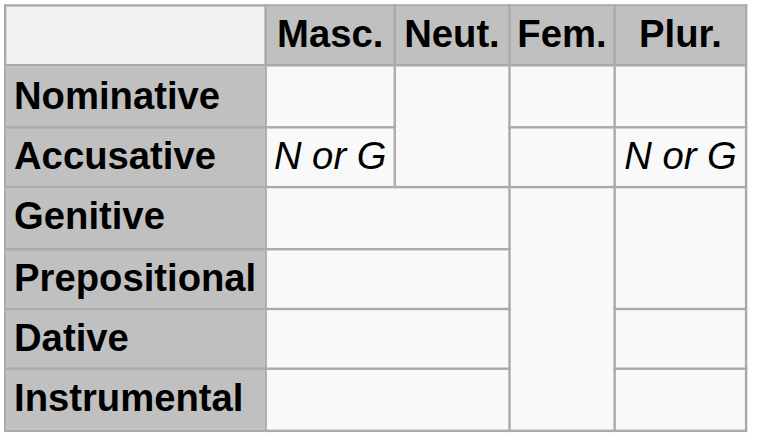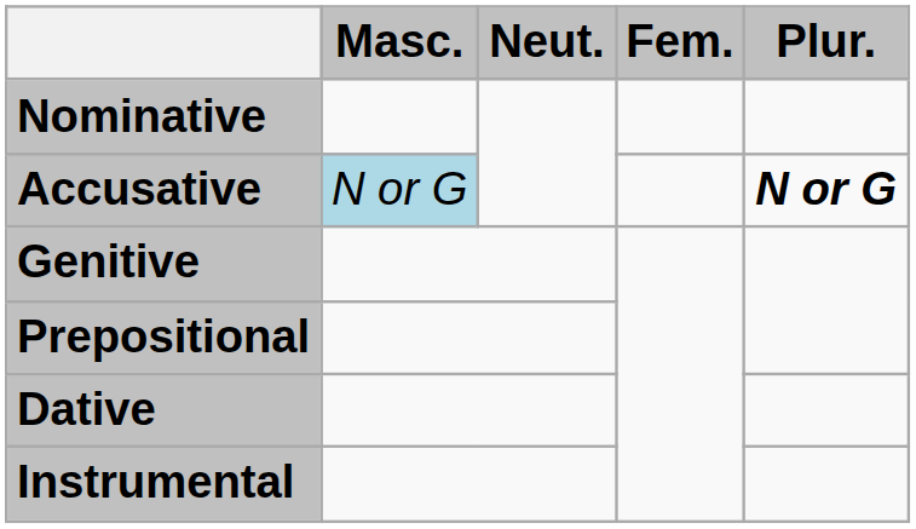 <table class="wikitable" style="display: inline-table;">
 <tr>
 <th></th>
 <th style="background:#C0C0C0">Masc.</th>
 <th style="background:#C0C0C0">Neut.</th>
 <th style="background:#C0C0C0">Fem.</th>
 <th style="background:#C0C0C0">Plur.</th>
 </tr>
 <tr>
 <td style="background:#C0C0C0"><strong>Nominative</strong></td>
 <td></td>
 <td rowspan="2"></td>
 <td></td>
 <td></td>
 </tr>
 <tr>
 <td style="background:#C0C0C0"><strong>Accusative</strong></td>
-<td><em>N or G</em></td>
+<td style="background: lightblue;"><em>N or G</em></td>
 <td></td>
-<td><em>N or G</em></td>
+<td><strong><em>N or G</em></strong></td>
 </tr>
 <tr>
 <td style="background:#C0C0C0"><strong>Genitive</strong></td>
 <td colspan="2"></td>
 <td rowspan="4"></td>
 <td rowspan="2"></td>
 </tr>
 <tr>
 <td style="background:#C0C0C0"><strong>Prepositional</strong></td>
 <td colspan="2"></td>
 </tr>
 <tr>
 <td style="background:#C0C0C0"><strong>Dative</strong></td>
 <td colspan="2"></td>
 <td></td>
 </tr>
 <tr>
 <td style="background:#C0C0C0"><strong>Instrumental</strong></td>
 <td colspan="2"></td>
 <td></td>
 </tr>
 </table>
